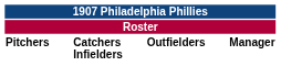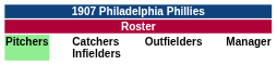 <table class="toccolours" style="font-size: 95%;">
 <tr>
 <th colspan="10" style="background-color: #0f437c; color: white; text-align: center;">1907 Philadelphia Phillies</th>
 </tr>
 <tr>
 <td colspan="10" style="background-color: #af0039; color: white; text-align: center;"><strong>Roster</strong></td>
 </tr>
 <tr>
-<td valign="top"><strong>Pitchers</strong><br>          </td>
+<td valign="top" style="background: lightgreen;"><strong>Pitchers</strong><br>          </td>
 <td width="25px"></td>
 <td valign="top"><strong>Catchers</strong><br>  <strong>Infielders</strong>       </td>
 <td width="25px"></td>
 <td valign="top"><strong>Outfielders</strong><br>   </td>
 <td width="25px"></td>
 <td valign="top"><strong>Manager</strong><br></td>
 </tr>
 </table>
